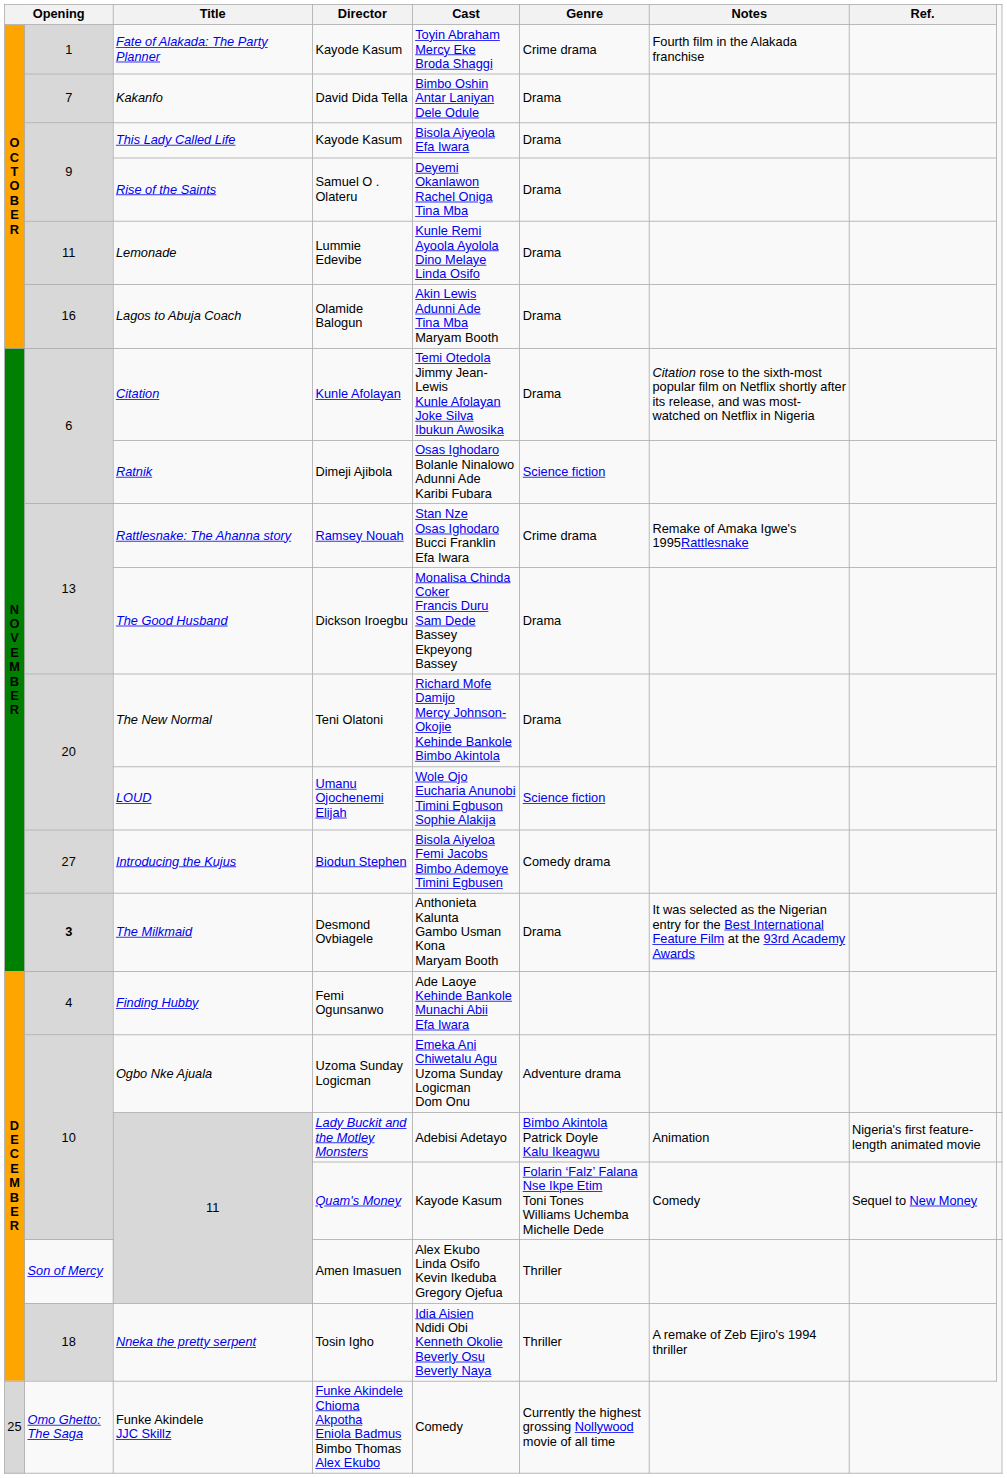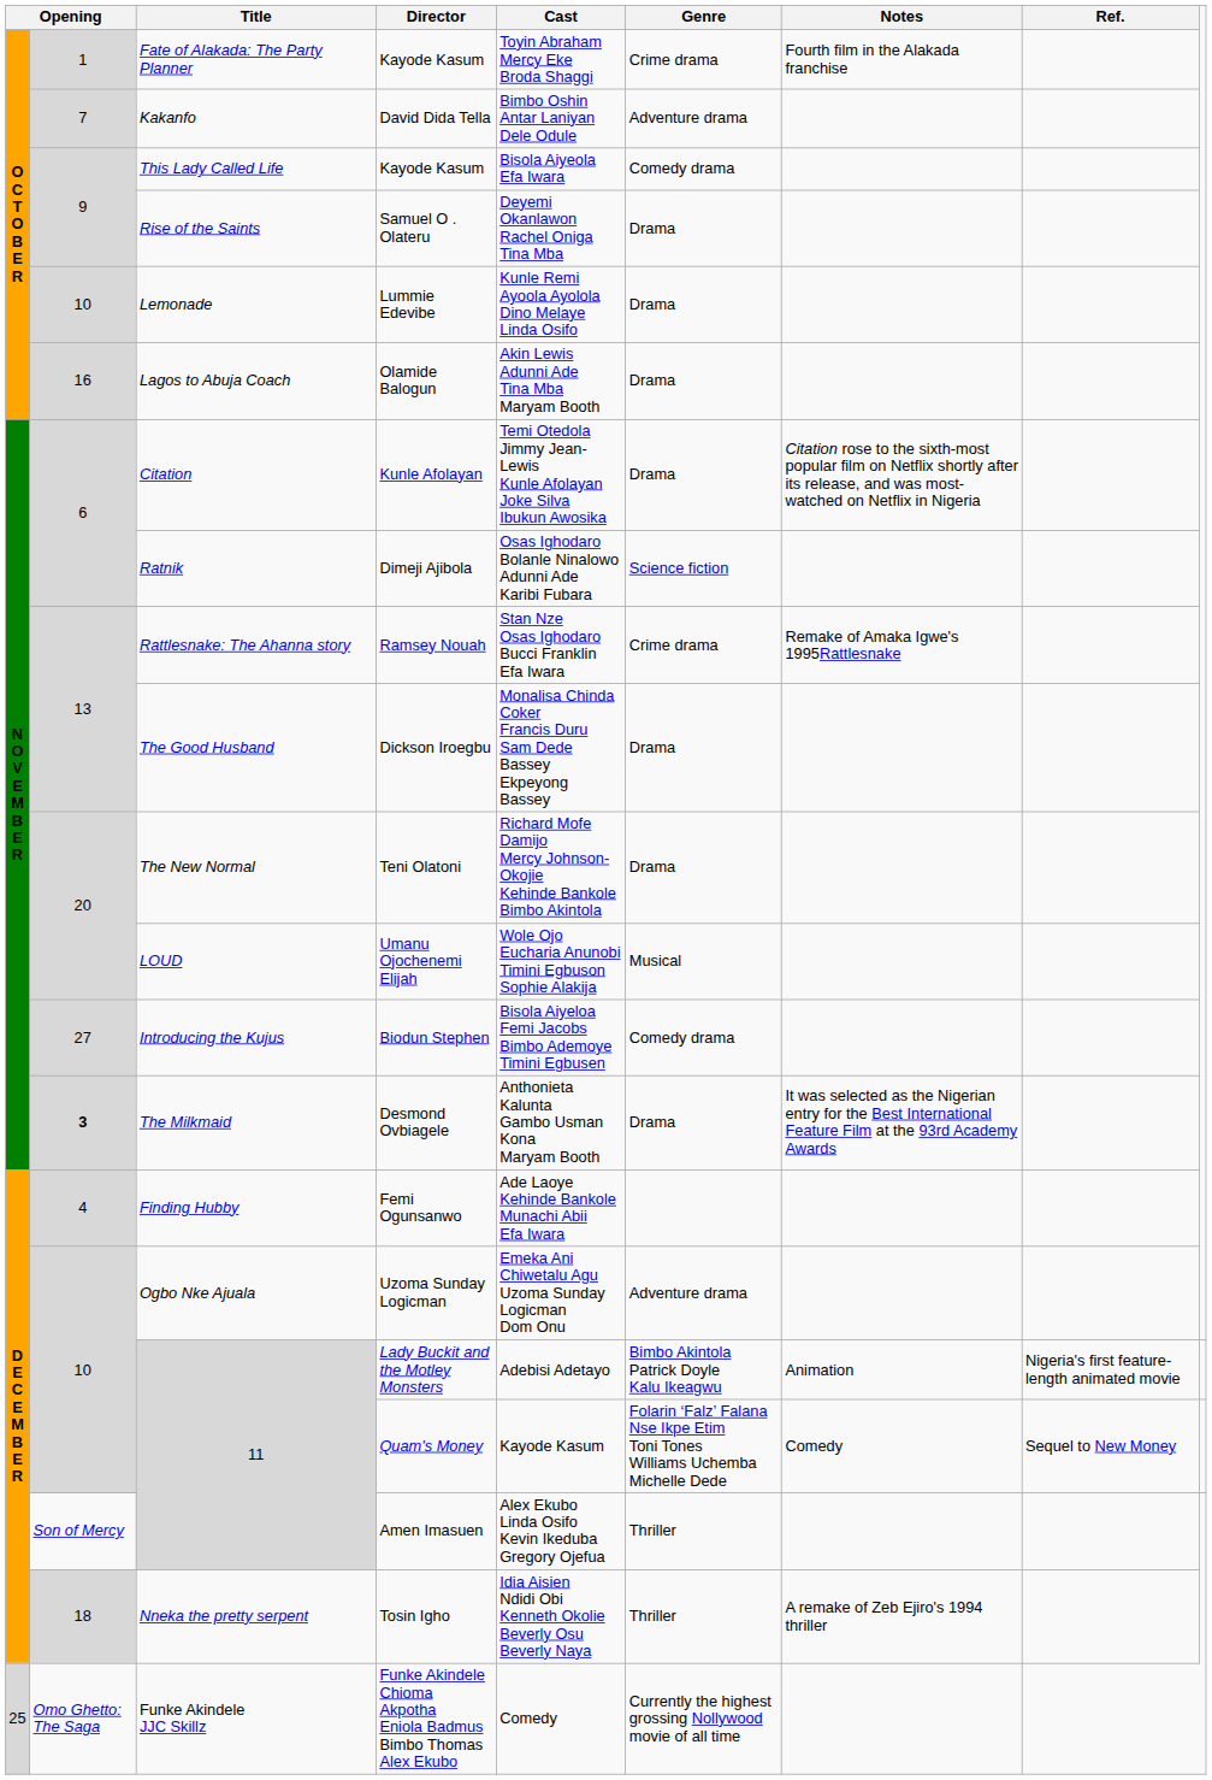 <table class="wikitable">
 <tr>
 <th colspan="2">Opening</th>
 <th style="width:20%;">Title</th>
 <th style="width:10%;">Director</th>
 <th>Cast</th>
 <th style="width:13%">Genre</th>
 <th style="width:20%">Notes</th>
 <th>Ref.</th>
 </tr>
 <tr>
 <td rowspan="6" style="text-align:center; background:orange; textcolor:#000;"><strong>O<br>C<br>T<br>O<br>B<br>E<br>R<br></strong></td>
 <td rowspan="1" style="text-align:center; background:#d8d8d8; textcolor:#000;">1</td>
 <td><em><a href='#'>Fate of Alakada: The Party Planner</a></em></td>
 <td>Kayode Kasum</td>
 <td><a href='#'>Toyin Abraham</a><br><a href='#'>Mercy Eke</a><br><a href='#'>Broda Shaggi</a></td>
 <td>Crime drama</td>
 <td>Fourth film in the Alakada franchise</td>
 <td></td>
 </tr>
 <tr>
 <td rowspan="1" style="text-align:center; background:#d8d8d8; textcolor:#000;">7</td>
 <td><em>Kakanfo</em></td>
 <td>David Dida Tella</td>
 <td><a href='#'>Bimbo Oshin</a><br><a href='#'>Antar Laniyan</a><br><a href='#'>Dele Odule</a></td>
-<td>Drama</td>
+<td>Adventure drama</td>
 <td></td>
 <td></td>
 </tr>
 <tr>
 <td rowspan="2" style="text-align:center; background:#d8d8d8; textcolor:#000;">9</td>
 <td><em><a href='#'>This Lady Called Life</a></em></td>
 <td>Kayode Kasum</td>
 <td><a href='#'>Bisola Aiyeola</a><br><a href='#'>Efa Iwara</a></td>
-<td>Drama</td>
+<td>Comedy drama</td>
 <td></td>
 <td></td>
 </tr>
 <tr>
 <td><em><a href='#'>Rise of the Saints</a></em></td>
 <td>Samuel O . Olateru</td>
 <td><a href='#'>Deyemi Okanlawon</a><br><a href='#'>Rachel Oniga</a><br><a href='#'>Tina Mba</a></td>
 <td>Drama</td>
 <td></td>
 <td></td>
 </tr>
 <tr>
-<td style="text-align:center; background:#d8d8d8; textcolor:#000;">11</td>
+<td style="text-align:center; background:#d8d8d8; textcolor:#000;">10</td>
 <td><em>Lemonade</em></td>
 <td>Lummie Edevibe</td>
 <td><a href='#'>Kunle Remi</a><br><a href='#'>Ayoola Ayolola</a><br><a href='#'>Dino Melaye</a><br><a href='#'>Linda Osifo</a></td>
 <td>Drama</td>
 <td></td>
 <td></td>
 </tr>
 <tr>
 <td rowspan="1" style="text-align:center; background:#d8d8d8; textcolor:#000;">16</td>
 <td><em>Lagos to Abuja Coach</em></td>
 <td>Olamide Balogun</td>
 <td><a href='#'>Akin Lewis</a><br><a href='#'>Adunni Ade</a><br><a href='#'>Tina Mba</a><br>Maryam Booth</td>
 <td>Drama</td>
 <td></td>
 <td></td>
 </tr>
 <tr>
 <td rowspan="8" style="text-align:center; background:green; textcolor:#000;"><strong>N<br>O<br>V<br>E<br>M<br>B<br>E<br>R<br></strong></td>
 <td rowspan="2" style="text-align:center; background:#d8d8d8; textcolor:#000;">6</td>
 <td><em><a href='#'>Citation</a></em></td>
 <td><a href='#'>Kunle Afolayan</a></td>
 <td><a href='#'>Temi Otedola</a><br>Jimmy Jean-Lewis<br><a href='#'>Kunle Afolayan</a><br><a href='#'>Joke Silva</a><br><a href='#'>Ibukun Awosika</a></td>
 <td>Drama</td>
 <td><em>Citation</em> rose to the sixth-most popular film on Netflix shortly after its release, and was most-watched on Netflix in Nigeria</td>
 <td></td>
 </tr>
 <tr>
 <td><a href='#'><em>Ratnik</em></a></td>
 <td>Dimeji Ajibola</td>
 <td><a href='#'>Osas Ighodaro</a><br>Bolanle Ninalowo<br>Adunni Ade<br>Karibi Fubara</td>
 <td><a href='#'>Science fiction</a></td>
 <td></td>
 <td></td>
 </tr>
 <tr>
 <td rowspan="2" style="text-align:center; background:#d8d8d8; textcolor:#000;">13</td>
 <td><a href='#'><em>Rattlesnake: The Ahanna story</em></a></td>
 <td><a href='#'>Ramsey Nouah</a></td>
 <td><a href='#'>Stan Nze</a><br><a href='#'>Osas Ighodaro</a><br>Bucci Franklin<br>Efa Iwara</td>
 <td>Crime drama</td>
 <td>Remake of Amaka Igwe's 1995<a href='#'>Rattlesnake</a></td>
 <td></td>
 </tr>
 <tr>
 <td><em><a href='#'>The Good Husband</a></em></td>
 <td>Dickson Iroegbu</td>
 <td><a href='#'>Monalisa Chinda Coker</a><br><a href='#'>Francis Duru</a><br><a href='#'>Sam Dede</a><br>Bassey Ekpeyong Bassey</td>
 <td>Drama</td>
 <td></td>
 <td></td>
 </tr>
 <tr>
 <td rowspan="2" style="text-align:center; background:#d8d8d8; textcolor:#000;">20</td>
 <td><em>The New Normal</em></td>
 <td>Teni Olatoni</td>
 <td><a href='#'>Richard Mofe Damijo</a><br><a href='#'>Mercy Johnson-Okojie</a><br><a href='#'>Kehinde Bankole</a><br><a href='#'>Bimbo Akintola</a></td>
 <td>Drama</td>
 <td></td>
 <td></td>
 </tr>
 <tr>
 <td><em><a href='#'>LOUD</a></em></td>
 <td><a href='#'>Umanu Ojochenemi Elijah</a></td>
 <td><a href='#'>Wole Ojo</a><br><a href='#'>Eucharia Anunobi</a><br><a href='#'>Timini Egbuson</a><br><a href='#'>Sophie Alakija</a></td>
-<td><a href='#'>Science fiction</a></td>
+<td>Musical</td>
 <td></td>
 <td></td>
 </tr>
 <tr>
 <td rowspan="1" style="text-align:center; background:#d8d8d8; textcolor:#000;">27</td>
 <td><em><a href='#'>Introducing the Kujus</a></em></td>
 <td><a href='#'>Biodun Stephen</a></td>
 <td><a href='#'>Bisola Aiyeloa</a><br><a href='#'>Femi Jacobs</a><br><a href='#'>Bimbo Ademoye</a><br><a href='#'>Timini Egbusen</a></td>
 <td>Comedy drama</td>
 <td></td>
 <td></td>
 </tr>
 <tr>
 <td rowspan="1" style="text-align:center; background:#d8d8d8; textcolor:#000;"><strong>3</strong></td>
 <td><a href='#'><em>The Milkmaid</em></a></td>
 <td>Desmond Ovbiagele</td>
 <td>Anthonieta Kalunta<br>Gambo Usman Kona<br>Maryam Booth</td>
 <td>Drama</td>
 <td>It was selected as the Nigerian entry for the <a href='#'>Best International Feature Film</a> at the <a href='#'>93rd Academy Awards</a></td>
 <td></td>
 </tr>
 <tr>
 <td rowspan="6" style="text-align:center; background:orange; textcolor:#000;"><strong>D<br>E<br>C<br>E<br>M<br>B<br>E<br>R<br></strong></td>
 <td style="text-align:center; background:#d8d8d8; textcolor:#000;">4</td>
 <td><em><a href='#'>Finding Hubby</a></em></td>
 <td>Femi Ogunsanwo</td>
 <td>Ade Laoye<br><a href='#'>Kehinde Bankole</a><br><a href='#'>Munachi Abii</a><br><a href='#'>Efa Iwara</a></td>
 <td></td>
 <td></td>
 <td></td>
 </tr>
 <tr>
 <td rowspan="3" style="text-align:center; background:#d8d8d8; textcolor:#000;">10</td>
 <td><em>Ogbo Nke Ajuala</em></td>
 <td>Uzoma Sunday Logicman</td>
 <td><a href='#'>Emeka Ani</a><br><a href='#'>Chiwetalu Agu</a><br>Uzoma Sunday Logicman<br>Dom Onu</td>
 <td>Adventure drama</td>
 <td></td>
 <td></td>
 </tr>
 <tr>
 <td rowspan="3" style="text-align:center; background:#d8d8d8; textcolor:#000;">11</td>
 <td><em><a href='#'>Lady Buckit and the Motley Monsters</a></em></td>
 <td>Adebisi Adetayo</td>
 <td><a href='#'>Bimbo Akintola</a><br>Patrick Doyle<br><a href='#'>Kalu Ikeagwu</a></td>
 <td>Animation</td>
 <td>Nigeria's first feature-length animated movie</td>
 <td></td>
 </tr>
 <tr>
 <td><em><a href='#'>Quam's Money</a></em></td>
 <td>Kayode Kasum</td>
 <td><a href='#'>Folarin ‘Falz’ Falana</a><br><a href='#'>Nse Ikpe Etim</a><br>Toni Tones<br>Williams Uchemba<br>Michelle Dede</td>
 <td>Comedy</td>
 <td>Sequel to <a href='#'>New Money</a></td>
 <td></td>
 </tr>
 <tr>
 <td><em><a href='#'>Son of Mercy</a></em></td>
 <td>Amen Imasuen</td>
 <td>Alex Ekubo<br>Linda Osifo<br>Kevin Ikeduba<br>Gregory Ojefua</td>
 <td>Thriller</td>
 <td></td>
 <td></td>
 </tr>
 <tr>
 <td rowspan="1" style="text-align:center; background:#d8d8d8; textcolor:#000;">18</td>
 <td><em><a href='#'>Nneka the pretty serpent</a></em></td>
 <td>Tosin Igho</td>
 <td><a href='#'>Idia Aisien</a><br>Ndidi Obi<br><a href='#'>Kenneth Okolie</a><br><a href='#'>Beverly Osu</a><br><a href='#'>Beverly Naya</a></td>
 <td>Thriller</td>
 <td>A remake of Zeb Ejiro's 1994 thriller</td>
 <td></td>
 </tr>
 <tr>
 <td rowspan="1" style="text-align:center; background:#d8d8d8; textcolor:#000;">25</td>
 <td><em><a href='#'>Omo Ghetto: The Saga</a></em></td>
 <td>Funke Akindele<br><a href='#'>JJC Skillz</a></td>
 <td><a href='#'>Funke Akindele</a><br><a href='#'>Chioma Akpotha</a><br><a href='#'>Eniola Badmus</a><br>Bimbo Thomas<br><a href='#'>Alex Ekubo</a></td>
 <td>Comedy</td>
 <td>Currently the highest grossing <a href='#'>Nollywood</a> movie of all time</td>
 <td></td>
 </tr>
 </table>
